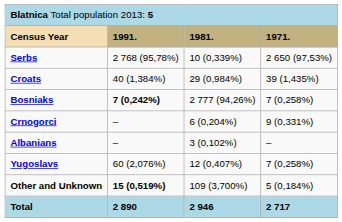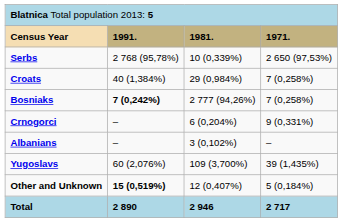 <table border="1" cellpadding="7" cellspacing="0" style="margin: 10px 0 10px 25px; background: #f9f9f9; border: 1px #AAA solid; border-collapse: collapse; font-size: 85%; float: center;">
 <tr style="background:lightblue">
 <td colspan ="7"><strong>Blatnica</strong> Total population 2013: <strong>5</strong></td>
 </tr>
 <tr style="background:style=;">
 <td style="background:wheat;"><strong>Census Year</strong></td>
 <td style="background:#c2b280;"><strong>1991.</strong></td>
 <td style="background:#c2b280;"><strong>1981.</strong></td>
 <td style="background:#c2b280;"><strong>1971.</strong></td>
 </tr>
 <tr>
 <td><strong><a href='#'>Serbs</a></strong></td>
 <td>2 768 (95,78%)</td>
 <td>10 (0,339%)</td>
 <td>2 650 (97,53%)</td>
 </tr>
 <tr>
 <td><strong><a href='#'>Croats</a></strong></td>
 <td>40 (1,384%)</td>
 <td>29 (0,984%)</td>
-<td>39 (1,435%)</td>
+<td>7 (0,258%)</td>
 </tr>
 <tr>
 <td><strong><a href='#'>Bosniaks</a></strong></td>
 <td><strong>7 (0,242%)</strong></td>
 <td>2 777 (94,26%)</td>
 <td>7 (0,258%)</td>
 </tr>
 <tr>
 <td><strong><a href='#'>Crnogorci</a></strong></td>
 <td>–</td>
 <td>6 (0,204%)</td>
 <td>9 (0,331%)</td>
 </tr>
 <tr>
 <td><strong><a href='#'>Albanians</a></strong></td>
 <td>–</td>
 <td>3 (0,102%)</td>
 <td>–</td>
 </tr>
 <tr>
 <td><strong><a href='#'>Yugoslavs</a></strong></td>
 <td>60 (2,076%)</td>
-<td>12 (0,407%)</td>
-<td>7 (0,258%)</td>
+<td>109 (3,700%)</td>
+<td>39 (1,435%)</td>
 </tr>
 <tr>
 <td><strong>Other and Unknown</strong></td>
 <td><strong>15 (0,519%)</strong></td>
-<td>109 (3,700%)</td>
+<td>12 (0,407%)</td>
 <td>5 (0,184%)</td>
 </tr>
 <tr>
 <td style="background:lightblue"><strong>Total</strong></td>
 <td style="background:lightblue"><strong> 2 890</strong></td>
 <td style="background:lightblue"><strong>2 946</strong></td>
 <td style="background:lightblue"><strong>2 717</strong></td>
 </tr>
 </table>
